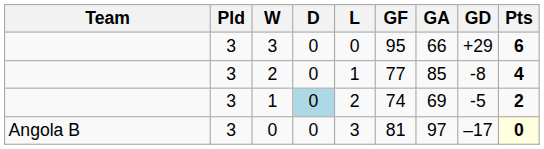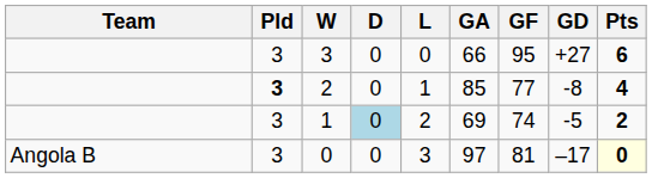 <table class="wikitable" style="text-align: center;">
 <tr>
 <th width="180">Team</th>
 <th width="30">Pld</th>
 <th width="30">W</th>
 <th width="30">D</th>
 <th width="30">L</th>
+<th width="30">GA</th>
 <th width="30">GF</th>
-<th width="30">GA</th>
 <th width="30">GD</th>
 <th width="30">Pts</th>
 </tr>
 <tr>
 <td align="left"></td>
 <td>3</td>
 <td>3</td>
 <td>0</td>
 <td>0</td>
+<td>66</td>
 <td>95</td>
-<td>66</td>
-<td>+29</td>
+<td>+27</td>
 <td><strong>6</strong></td>
 </tr>
 <tr>
 <td align="left"></td>
-<td>3</td>
+<td><strong>3</strong></td>
 <td>2</td>
 <td>0</td>
 <td>1</td>
+<td>85</td>
 <td>77</td>
-<td>85</td>
 <td>-8</td>
 <td><strong>4</strong></td>
 </tr>
 <tr>
 <td align="left"></td>
 <td>3</td>
 <td>1</td>
 <td style="background: lightblue;">0</td>
 <td>2</td>
+<td>69</td>
 <td>74</td>
-<td>69</td>
 <td>-5</td>
 <td><strong>2</strong></td>
 </tr>
 <tr>
 <td align="left"> Angola B</td>
 <td>3</td>
 <td>0</td>
 <td>0</td>
 <td>3</td>
+<td>97</td>
 <td>81</td>
-<td>97</td>
 <td>–17</td>
 <td style="background: lightyellow;"><strong>0</strong></td>
 </tr>
 </table>
